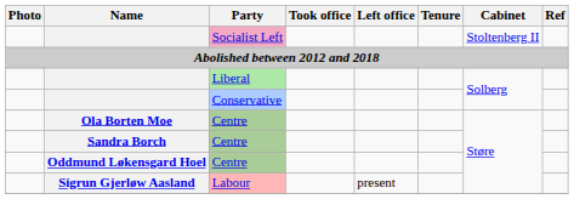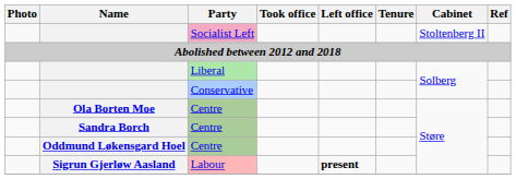 <table class="wikitable plainrowheaders sortable">
 <tr>
 <th scope=col class=unsortable>Photo</th>
 <th scope=col>Name</th>
 <th scope=col>Party</th>
 <th scope=col>Took office</th>
 <th scope=col>Left office</th>
 <th scope=col>Tenure</th>
 <th scope=col>Cabinet</th>
 <th scope=col class=unsortable>Ref</th>
 </tr>
 <tr>
 <td align=center></td>
 <th scope=row></th>
 <td style="background:#F4AAC2"><a href='#'>Socialist Left</a></td>
 <td></td>
 <td></td>
 <td></td>
 <td><a href='#'>Stoltenberg II</a></td>
 <td align=center></td>
 </tr>
 <tr>
 <th colspan=8 style="background: #cccccc;"><em>Abolished between 2012 and 2018</em></th>
 </tr>
 <tr>
 <td align=center></td>
 <th scope=row></th>
 <td style="background:#AEE8A8"><a href='#'>Liberal</a></td>
 <td></td>
 <td></td>
 <td></td>
 <td rowspan=2><a href='#'>Solberg</a></td>
 <td align=center></td>
 </tr>
 <tr>
 <td align=center></td>
 <th scope=row></th>
 <td style="background:#AACCFF"><a href='#'>Conservative</a></td>
 <td></td>
 <td></td>
 <td></td>
 <td align=center></td>
 </tr>
 <tr>
 <td align=center></td>
 <th scope=row><a href='#'>Ola Borten Moe</a></th>
 <td style="background:#AACC99"><a href='#'>Centre</a></td>
 <td></td>
 <td></td>
 <td></td>
 <td rowspan=4><a href='#'>Støre</a></td>
 <td align=center></td>
 </tr>
 <tr>
 <td align=center></td>
 <th scope=row><a href='#'>Sandra Borch</a></th>
 <td style="background:#AACC99"><a href='#'>Centre</a></td>
 <td></td>
 <td></td>
 <td></td>
 <td align=center></td>
 </tr>
 <tr>
 <td align=center></td>
 <th scope=row><a href='#'>Oddmund Løkensgard Hoel</a></th>
 <td style="background:#AACC99"><a href='#'>Centre</a></td>
 <td></td>
 <td></td>
 <td></td>
 <td align=center></td>
 </tr>
 <tr>
 <td align=center></td>
 <th scope=row><a href='#'>Sigrun Gjerløw Aasland</a></th>
 <td style="background:#FFB6B6"><a href='#'>Labour</a></td>
 <td></td>
-<td>present</td>
+<td><strong>present</strong></td>
 <td></td>
 <td align=center></td>
 </tr>
 <tr>
 </tr>
 </table>
